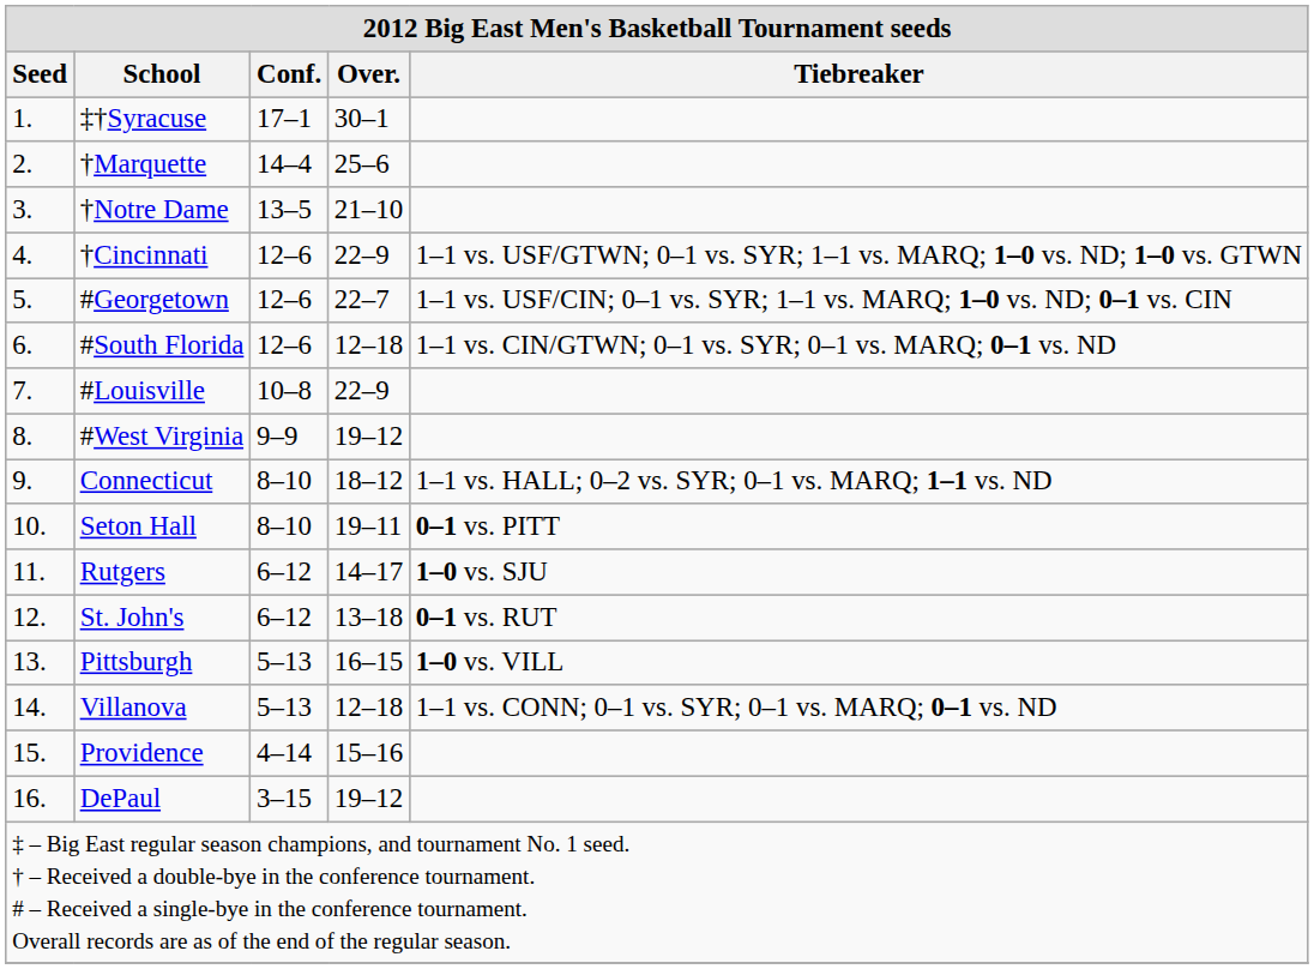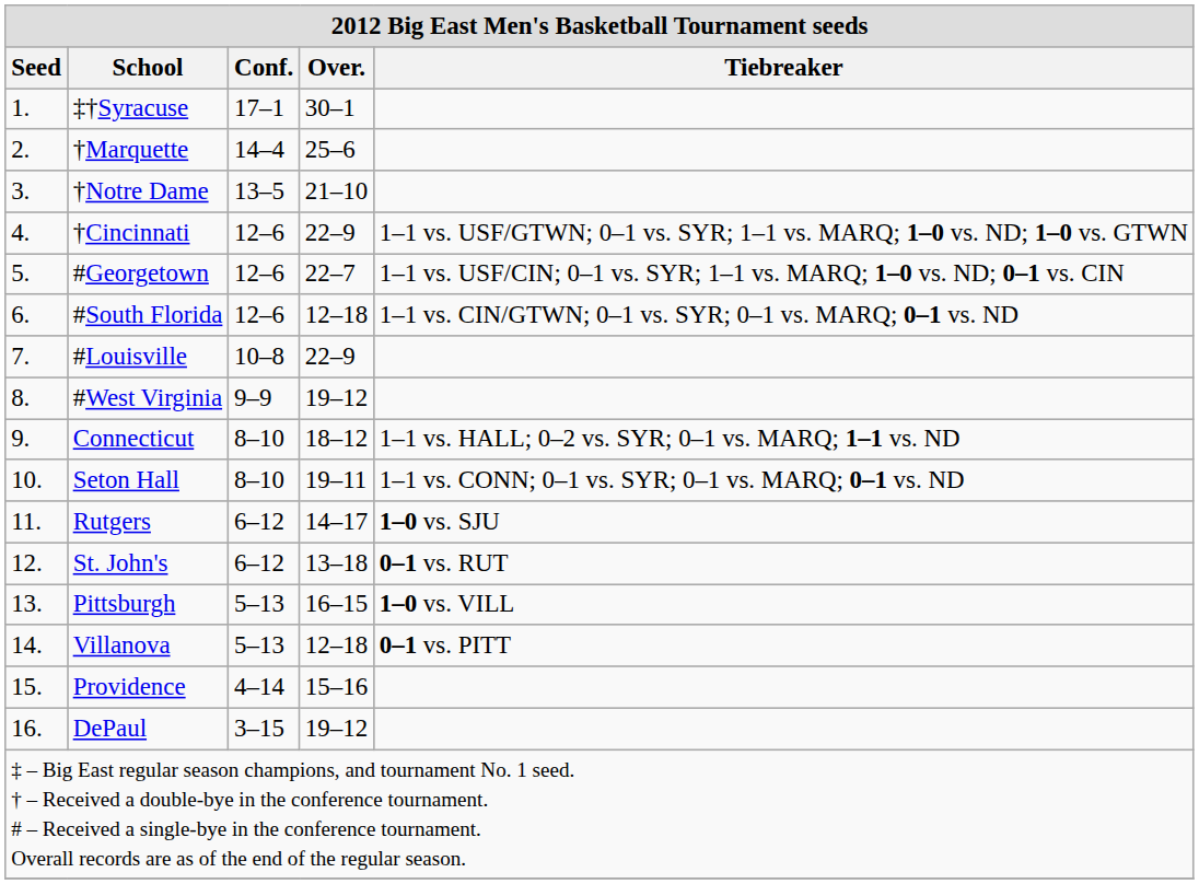 <table class="wikitable" style="white-space:nowrap; font-size:90%;">
 <tr>
 <td colspan="7" style="text-align:center; background:#DDDDDD; font:#000000"><strong>2012 Big East Men's Basketball Tournament seeds</strong></td>
 </tr>
 <tr bgcolor="#efefef">
 <th>Seed</th>
 <th>School</th>
 <th>Conf.</th>
 <th>Over.</th>
 <th>Tiebreaker</th>
 </tr>
 <tr>
 <td>1.</td>
 <td>‡†<a href='#'>Syracuse</a></td>
 <td>17–1</td>
 <td>30–1</td>
 <td></td>
 </tr>
 <tr>
 <td>2.</td>
 <td>†<a href='#'>Marquette</a></td>
 <td>14–4</td>
 <td>25–6</td>
 <td></td>
 </tr>
 <tr>
 <td>3.</td>
 <td>†<a href='#'>Notre Dame</a></td>
 <td>13–5</td>
 <td>21–10</td>
 <td></td>
 </tr>
 <tr>
 <td>4.</td>
 <td>†<a href='#'>Cincinnati</a></td>
 <td>12–6</td>
 <td>22–9</td>
 <td>1–1 vs. USF/GTWN; 0–1 vs. SYR; 1–1 vs. MARQ; <strong>1–0</strong> vs. ND; <strong>1–0</strong> vs. GTWN</td>
 </tr>
 <tr>
 <td>5.</td>
 <td>#<a href='#'>Georgetown</a></td>
 <td>12–6</td>
 <td>22–7</td>
 <td>1–1 vs. USF/CIN; 0–1 vs. SYR; 1–1 vs. MARQ; <strong>1–0</strong> vs. ND; <strong>0–1</strong> vs. CIN</td>
 </tr>
 <tr>
 <td>6.</td>
 <td>#<a href='#'>South Florida</a></td>
 <td>12–6</td>
 <td>12–18</td>
 <td>1–1 vs. CIN/GTWN; 0–1 vs. SYR; 0–1 vs. MARQ; <strong>0–1</strong> vs. ND</td>
 </tr>
 <tr>
 <td>7.</td>
 <td>#<a href='#'>Louisville</a></td>
 <td>10–8</td>
 <td>22–9</td>
 <td></td>
 </tr>
 <tr>
 <td>8.</td>
 <td>#<a href='#'>West Virginia</a></td>
 <td>9–9</td>
 <td>19–12</td>
 <td></td>
 </tr>
 <tr>
 <td>9.</td>
 <td><a href='#'>Connecticut</a></td>
 <td>8–10</td>
 <td>18–12</td>
 <td>1–1 vs. HALL; 0–2 vs. SYR; 0–1 vs. MARQ; <strong>1–1</strong> vs. ND</td>
 </tr>
 <tr>
 <td>10.</td>
 <td><a href='#'>Seton Hall</a></td>
 <td>8–10</td>
 <td>19–11</td>
-<td><strong>0–1</strong> vs. PITT</td>
+<td>1–1 vs. CONN; 0–1 vs. SYR; 0–1 vs. MARQ; <strong>0–1</strong> vs. ND</td>
 </tr>
 <tr>
 <td>11.</td>
 <td><a href='#'>Rutgers</a></td>
 <td>6–12</td>
 <td>14–17</td>
 <td><strong>1–0</strong> vs. SJU</td>
 </tr>
 <tr>
 <td>12.</td>
 <td><a href='#'>St. John's</a></td>
 <td>6–12</td>
 <td>13–18</td>
 <td><strong>0–1</strong> vs. RUT</td>
 </tr>
 <tr>
 <td>13.</td>
 <td><a href='#'>Pittsburgh</a></td>
 <td>5–13</td>
 <td>16–15</td>
 <td><strong>1–0</strong> vs. VILL</td>
 </tr>
 <tr>
 <td>14.</td>
 <td><a href='#'>Villanova</a></td>
 <td>5–13</td>
 <td>12–18</td>
-<td>1–1 vs. CONN; 0–1 vs. SYR; 0–1 vs. MARQ; <strong>0–1</strong> vs. ND</td>
+<td><strong>0–1</strong> vs. PITT</td>
 </tr>
 <tr>
 <td>15.</td>
 <td><a href='#'>Providence</a></td>
 <td>4–14</td>
 <td>15–16</td>
 <td></td>
 </tr>
 <tr>
 <td>16.</td>
 <td><a href='#'>DePaul</a></td>
 <td>3–15</td>
 <td>19–12</td>
 <td></td>
 </tr>
 <tr>
 <td colspan="6" style="text-align:left;"><small>‡ – Big East regular season champions, and tournament No. 1 seed.<br>† – Received a double-bye in the conference tournament.<br># – Received a single-bye in the conference tournament. <br>Overall records are as of the end of the regular season.</small></td>
 </tr>
 <tr>
 </tr>
 </table>
